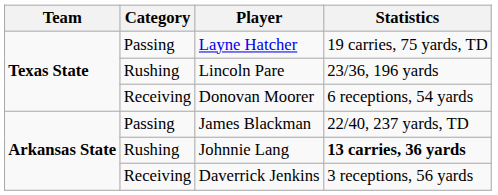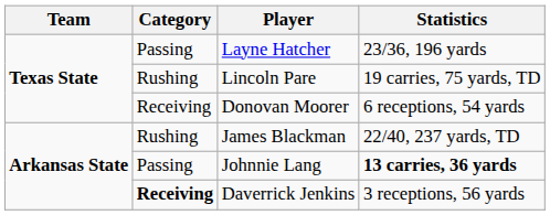 <table class="wikitable" style="float: left;">
 <tr>
 <th>Team</th>
 <th>Category</th>
 <th>Player</th>
 <th>Statistics</th>
 </tr>
 <tr>
 <td rowspan=3><strong>Texas State</strong></td>
 <td>Passing</td>
 <td><a href='#'>Layne Hatcher</a></td>
-<td>19 carries, 75 yards, TD</td>
+<td>23/36, 196 yards</td>
 </tr>
 <tr>
 <td>Rushing</td>
 <td>Lincoln Pare</td>
-<td>23/36, 196 yards</td>
+<td>19 carries, 75 yards, TD</td>
 </tr>
 <tr>
 <td>Receiving</td>
 <td>Donovan Moorer</td>
 <td>6 receptions, 54 yards</td>
 </tr>
 <tr>
 <td rowspan=3><strong>Arkansas State</strong></td>
-<td>Passing</td>
+<td>Rushing</td>
 <td>James Blackman</td>
 <td>22/40, 237 yards, TD</td>
 </tr>
 <tr>
-<td>Rushing</td>
+<td>Passing</td>
 <td>Johnnie Lang</td>
 <td><strong>13 carries, 36 yards</strong></td>
 </tr>
 <tr>
-<td>Receiving</td>
+<td><strong>Receiving</strong></td>
 <td>Daverrick Jenkins</td>
 <td>3 receptions, 56 yards</td>
 </tr>
 </table>
